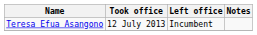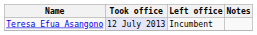 <table class="wikitable">
 <tr>
 <th>Name</th>
 <th>Took office</th>
 <th>Left office</th>
 <th>Notes</th>
 </tr>
 <tr>
 <td><a href='#'>Teresa Efua Asangono</a></td>
-<td>12 July 2013</td>
+<td style="background: lavender;">12 July 2013</td>
 <td>Incumbent</td>
 <td></td>
 </tr>
 <tr>
 </tr>
 </table>
